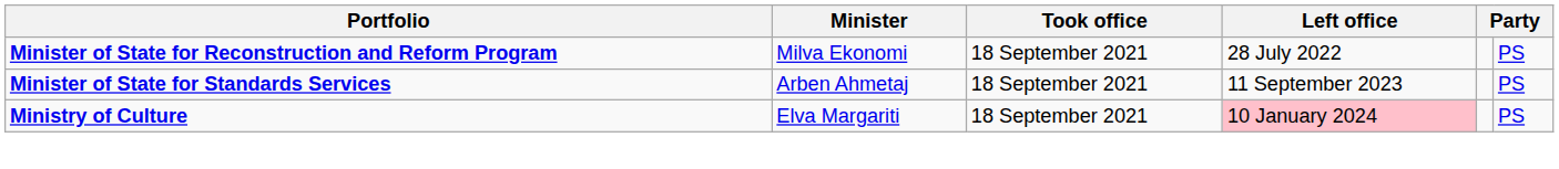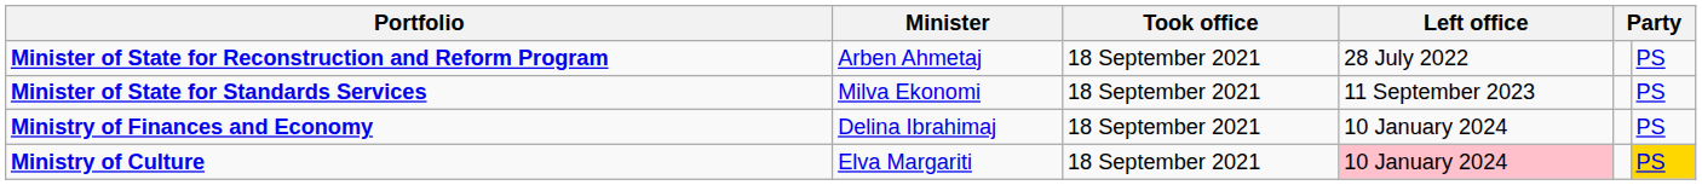 <table class="wikitable sortable" style="width: 70%; font-size: 90%;">
 <tr>
 <th>Portfolio</th>
 <th>Minister</th>
 <th>Took office</th>
 <th>Left office</th>
 <th colspan="2">Party</th>
 </tr>
 <tr>
 <td><strong><a href='#'>Minister of State for Reconstruction and Reform Program</a></strong></td>
-<td><a href='#'>Milva Ekonomi</a></td>
+<td><a href='#'>Arben Ahmetaj</a></td>
 <td>18 September 2021</td>
 <td>28 July 2022</td>
 <td width="5" style="background-color: "></td>
 <td><a href='#'>PS</a></td>
 </tr>
 <tr>
 <td><strong><a href='#'>Minister of State for Standards Services</a></strong></td>
-<td><a href='#'>Arben Ahmetaj</a></td>
+<td><a href='#'>Milva Ekonomi</a></td>
 <td>18 September 2021</td>
 <td>11 September 2023</td>
+<td width="5" style="background-color: "></td>
+<td><a href='#'>PS</a></td>
+</tr>
+<tr>
+<td><strong><a href='#'>Ministry of Finances and Economy</a></strong></td>
+<td><a href='#'>Delina Ibrahimaj</a></td>
+<td>18 September 2021</td>
+<td>10 January 2024</td>
 <td width="5" style="background-color: "></td>
 <td><a href='#'>PS</a></td>
 </tr>
 <tr>
 <td><strong><a href='#'>Ministry of Culture</a></strong></td>
 <td><a href='#'>Elva Margariti</a></td>
 <td>18 September 2021</td>
 <td style="background: pink;">10 January 2024</td>
 <td width="5" style="background-color: "></td>
-<td><a href='#'>PS</a></td>
+<td style="background: gold;"><a href='#'>PS</a></td>
 </tr>
 </table>
